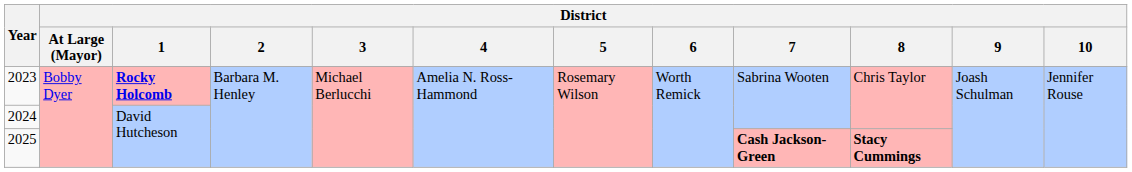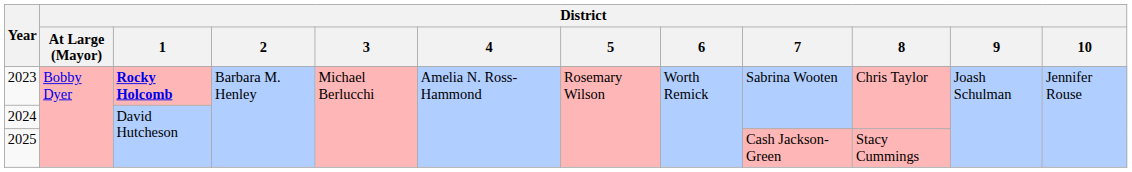 <table class="wikitable">
 <tr>
 <th rowspan="2">Year</th>
 <th colspan="11">District</th>
 </tr>
 <tr>
 <th>At Large<br>(Mayor)</th>
 <th>1<br></th>
 <th>2<br></th>
 <th>3<br></th>
 <th>4<br></th>
 <th>5<br></th>
 <th>6<br></th>
 <th>7<br></th>
 <th>8<br></th>
 <th>9<br></th>
 <th>10<br></th>
 </tr>
 <tr valign=top>
 <td>2023</td>
 <td style="background-color:#FFB6B6"; rowspan="3"><a href='#'>Bobby Dyer</a></td>
 <td style="background-color:#FFB6B6"; rowspan="1"><strong><a href='#'>Rocky Holcomb</a></strong></td>
 <td style="background-color:#B0CEFF"; rowspan="3">Barbara M. Henley</td>
 <td style="background-color:#FFB6B6"; rowspan="3">Michael Berlucchi</td>
 <td style="background-color:#B0CEFF"; rowspan="3">Amelia N. Ross-Hammond</td>
 <td style="background-color:#FFB6B6"; rowspan="3">Rosemary Wilson</td>
 <td style="background-color:#B0CEFF"; rowspan="3">Worth Remick</td>
 <td style="background-color:#B0CEFF"; rowspan="2">Sabrina Wooten</td>
 <td style="background-color:#FFB6B6"; rowspan="2">Chris Taylor</td>
 <td style="background-color:#B0CEFF"; rowspan="3">Joash Schulman</td>
 <td style="background-color:#B0CEFF"; rowspan="3">Jennifer Rouse</td>
 </tr>
 <tr valign=top>
 <td>2024</td>
 <td style="background-color:#B0CEFF"; rowspan="2">David Hutcheson</td>
 </tr>
 <tr valign=top>
 <td>2025</td>
-<td style="background-color:#FFB6B6"; rowspan="1"><strong>Cash Jackson-Green</strong></td>
-<td style="background-color:#FFB6B6"; rowspan="1"><strong>Stacy Cummings</strong></td>
+<td style="background-color:#FFB6B6"; rowspan="1">Cash Jackson-Green</td>
+<td style="background-color:#FFB6B6"; rowspan="1">Stacy Cummings</td>
 </tr>
 </table>
